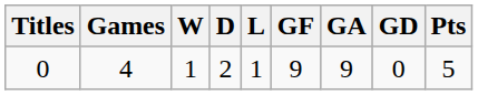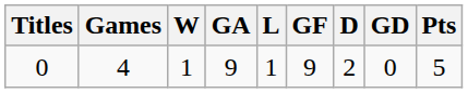 <table class="wikitable" style="text-align: center">
 <tr>
 <th scope="col">Titles</th>
 <th scope="col">Games</th>
 <th scope="col">W</th>
-<th scope="col">D</th>
+<th scope="col">GA</th>
 <th scope="col">L</th>
 <th scope="col">GF</th>
-<th scope="col">GA</th>
+<th scope="col">D</th>
 <th scope="col">GD</th>
 <th scope="col">Pts</th>
 </tr>
 <tr>
 <td>0</td>
 <td>4</td>
 <td>1</td>
-<td>2</td>
+<td>9</td>
 <td>1</td>
 <td>9</td>
-<td>9</td>
+<td>2</td>
 <td>0</td>
 <td>5</td>
 </tr>
 </table>
